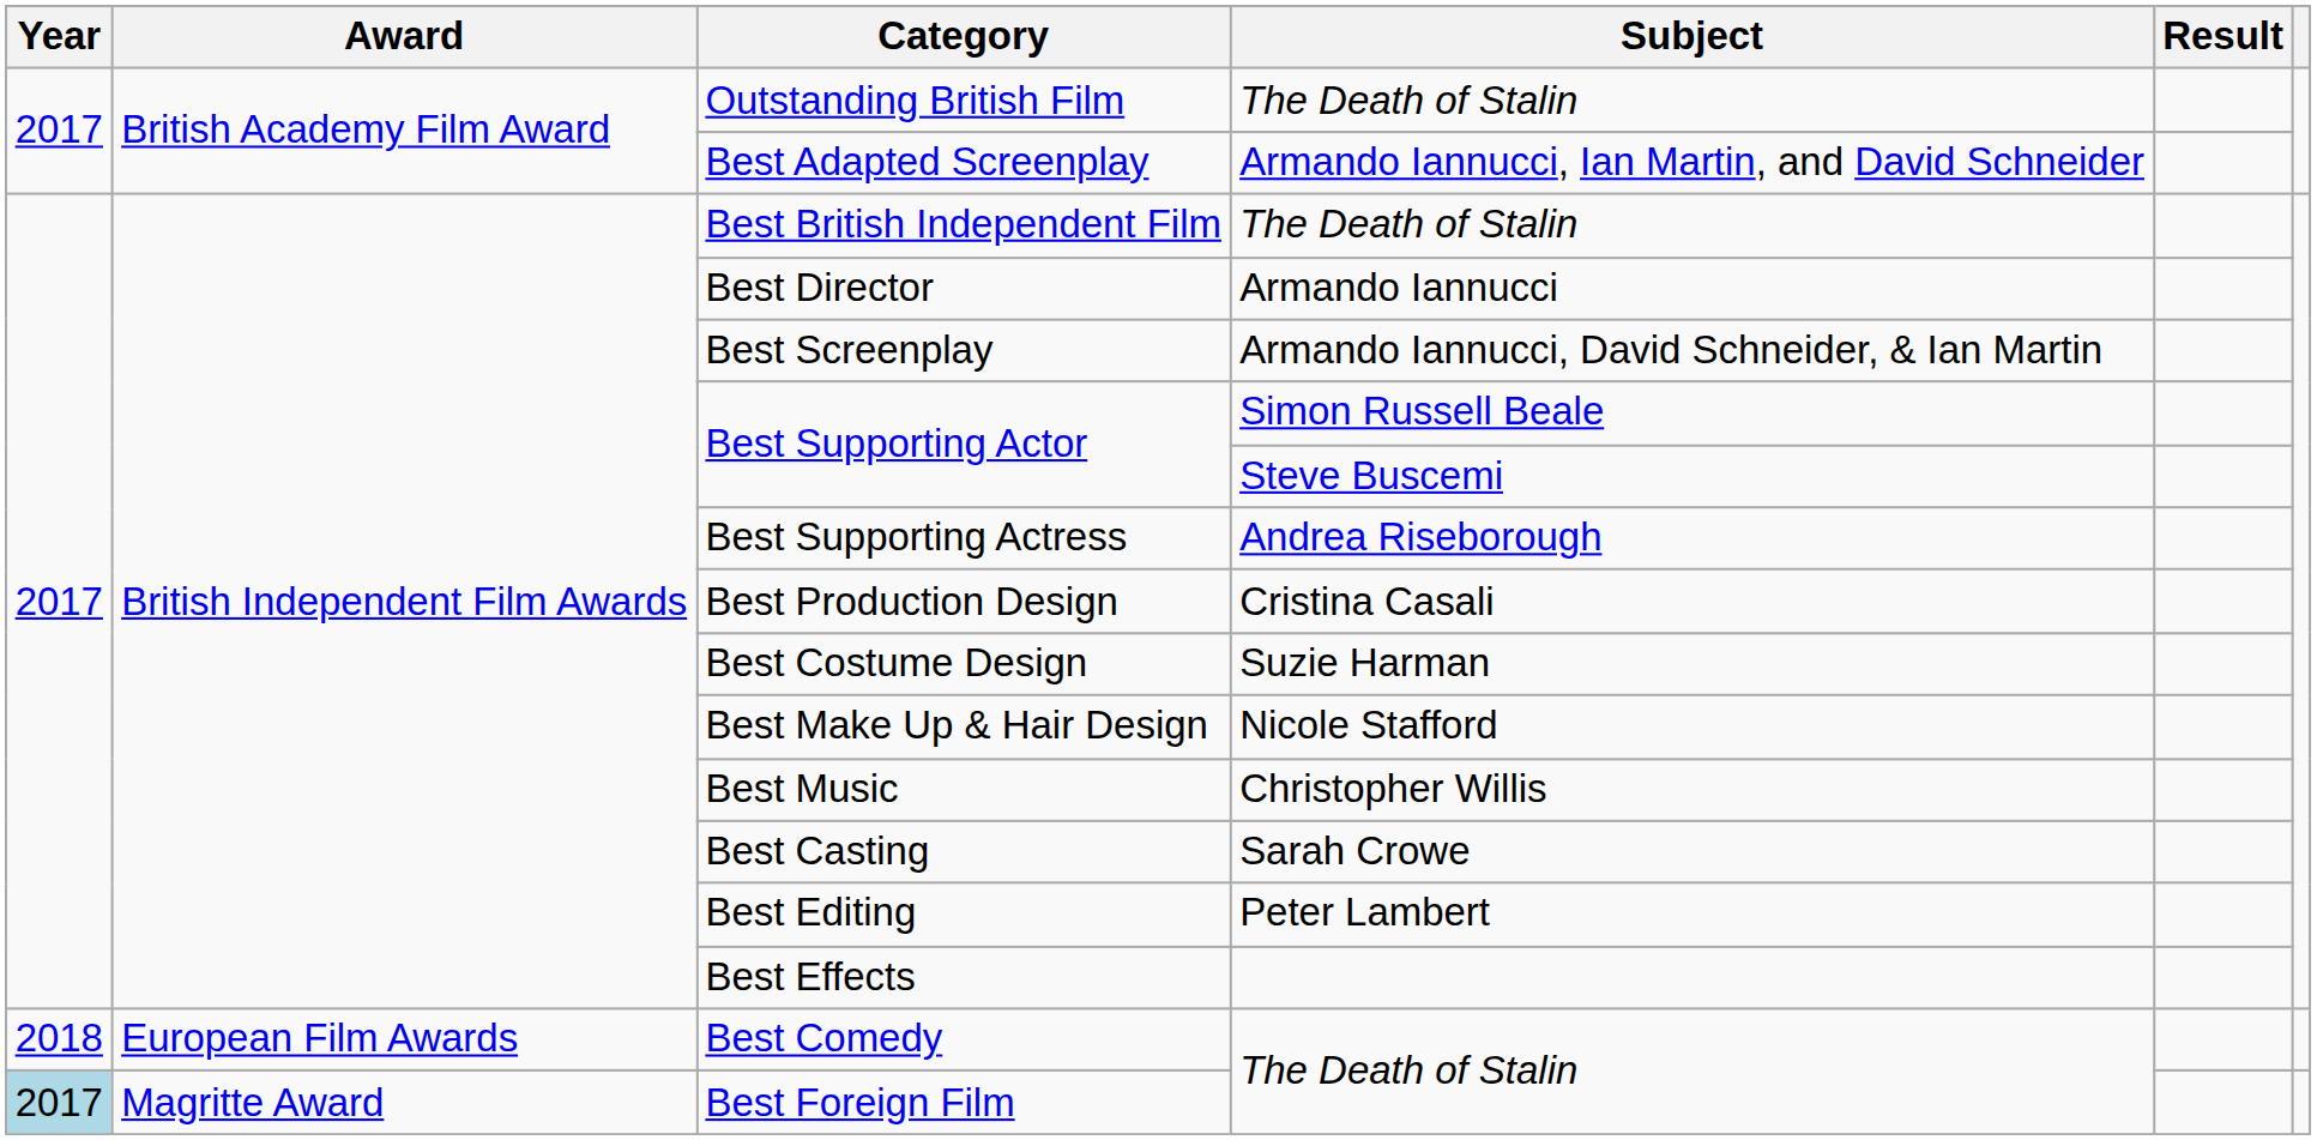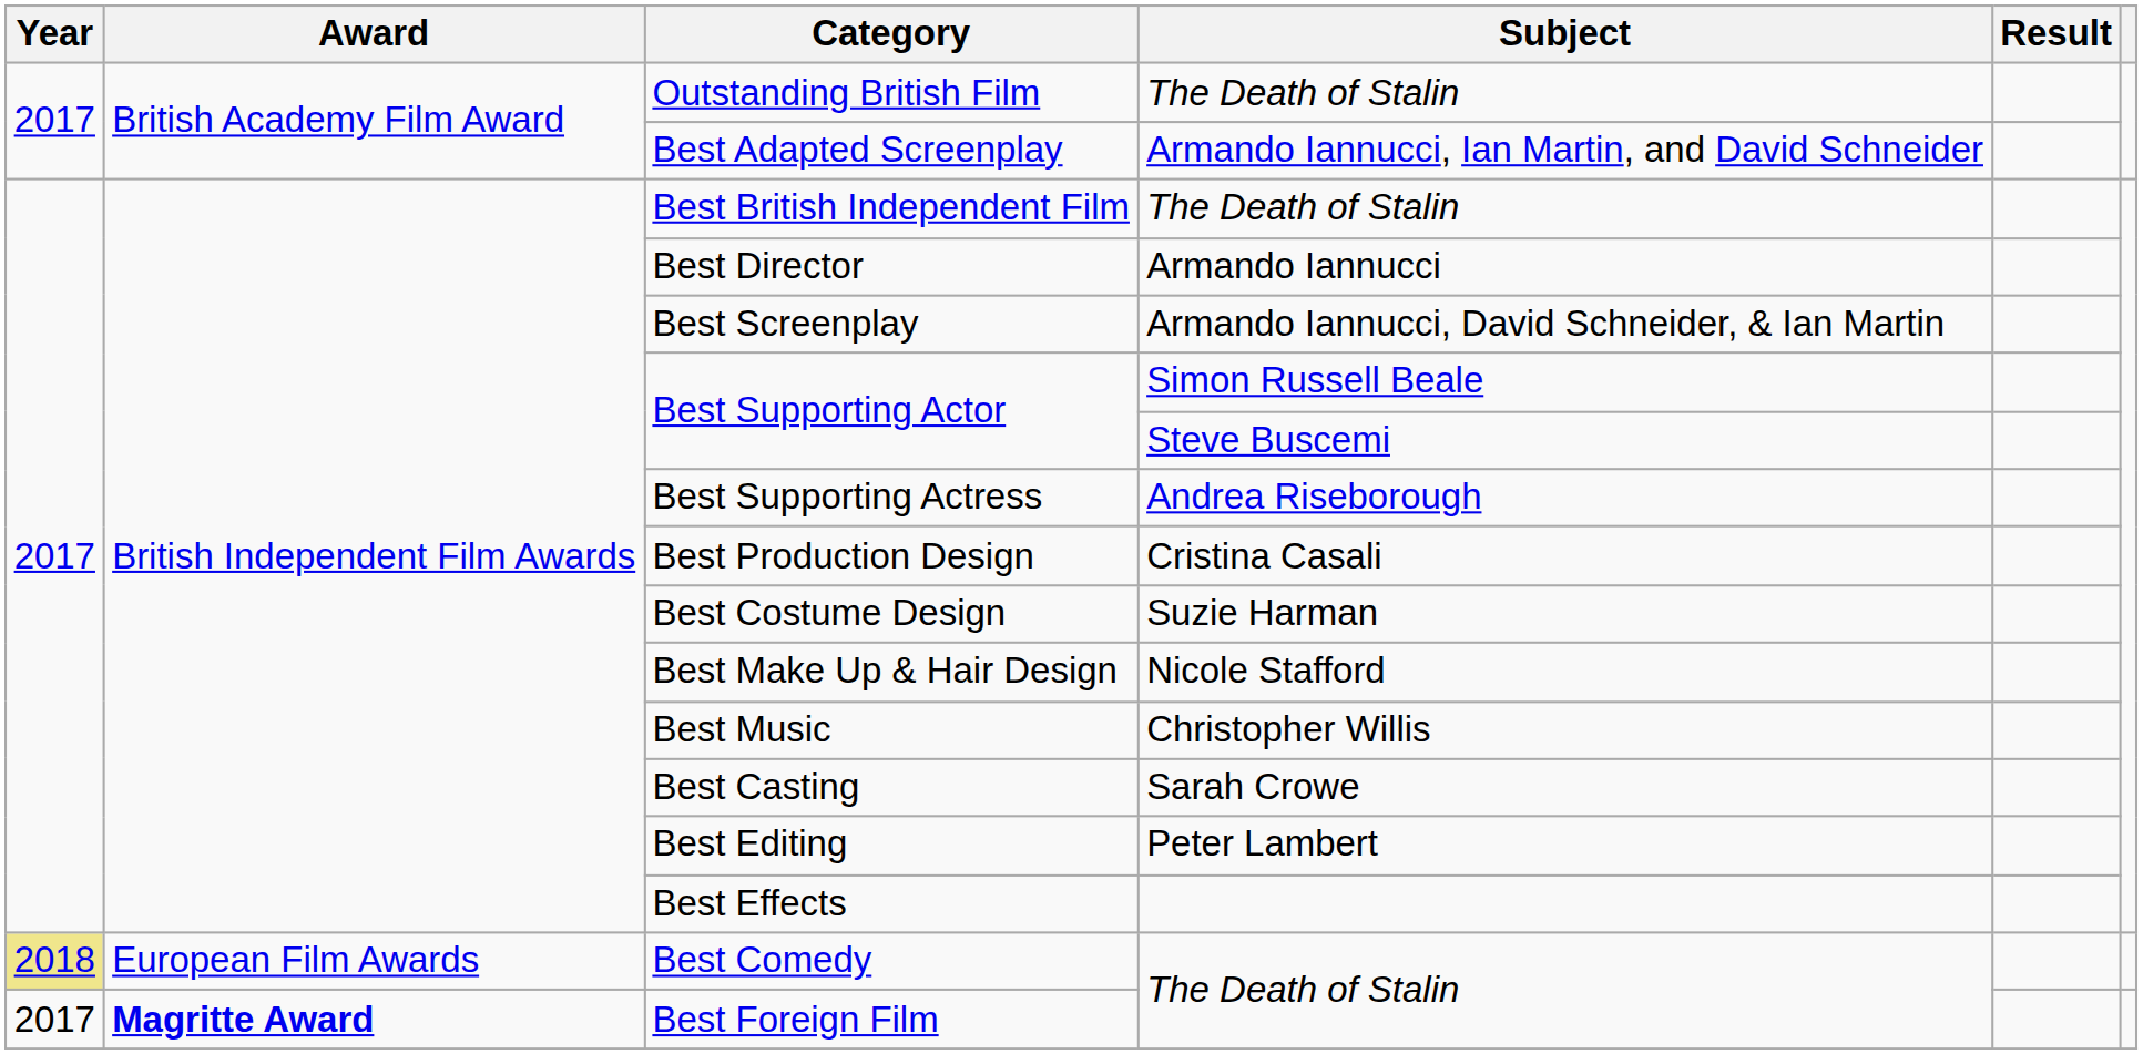 <table class="wikitable">
 <tr>
 <th>Year</th>
 <th>Award</th>
 <th>Category</th>
 <th>Subject</th>
 <th>Result</th>
 <th></th>
 </tr>
 <tr>
 <td rowspan=2><a href='#'>2017</a></td>
 <td rowspan=2><a href='#'>British Academy Film Award</a></td>
 <td><a href='#'>Outstanding British Film</a></td>
 <td><em>The Death of Stalin</em></td>
 <td></td>
 <td rowspan=2></td>
 </tr>
 <tr>
 <td><a href='#'>Best Adapted Screenplay</a></td>
 <td><a href='#'>Armando Iannucci</a>, <a href='#'>Ian Martin</a>, and <a href='#'>David Schneider</a></td>
 <td></td>
 </tr>
 <tr>
 <td rowspan=13><a href='#'>2017</a></td>
 <td rowspan=13><a href='#'>British Independent Film Awards</a></td>
 <td><a href='#'>Best British Independent Film</a></td>
 <td><em>The Death of Stalin</em></td>
 <td></td>
 <td rowspan=13></td>
 </tr>
 <tr>
 <td>Best Director</td>
 <td>Armando Iannucci</td>
 <td></td>
 </tr>
 <tr>
 <td>Best Screenplay</td>
 <td>Armando Iannucci, David Schneider, & Ian Martin</td>
 <td></td>
 </tr>
 <tr>
 <td rowspan=2><a href='#'>Best Supporting Actor</a></td>
 <td><a href='#'>Simon Russell Beale</a></td>
 <td></td>
 </tr>
 <tr>
 <td><a href='#'>Steve Buscemi</a></td>
 <td></td>
 </tr>
 <tr>
 <td>Best Supporting Actress</td>
 <td><a href='#'>Andrea Riseborough</a></td>
 <td></td>
 </tr>
 <tr>
 <td>Best Production Design</td>
 <td>Cristina Casali</td>
 <td></td>
 </tr>
 <tr>
 <td>Best Costume Design</td>
 <td>Suzie Harman</td>
 <td></td>
 </tr>
 <tr>
 <td>Best Make Up & Hair Design</td>
 <td>Nicole Stafford</td>
 <td></td>
 </tr>
 <tr>
 <td>Best Music</td>
 <td>Christopher Willis</td>
 <td></td>
 </tr>
 <tr>
 <td>Best Casting</td>
 <td>Sarah Crowe</td>
 <td></td>
 </tr>
 <tr>
 <td>Best Editing</td>
 <td>Peter Lambert</td>
 <td></td>
 </tr>
 <tr>
 <td>Best Effects</td>
 <td></td>
 <td></td>
 </tr>
 <tr>
-<td><a href='#'>2018</a></td>
+<td style="background: khaki;"><a href='#'>2018</a></td>
 <td><a href='#'>European Film Awards</a></td>
 <td><a href='#'>Best Comedy</a></td>
 <td rowspan="2"><em>The Death of Stalin</em></td>
 <td></td>
 <td></td>
 </tr>
 <tr>
-<td style="background: lightblue;">2017</td>
-<td><a href='#'>Magritte Award</a></td>
+<td>2017</td>
+<td><strong><a href='#'>Magritte Award</a></strong></td>
 <td><a href='#'>Best Foreign Film</a></td>
 <td></td>
 <td></td>
 </tr>
 <tr>
 </tr>
 </table>
